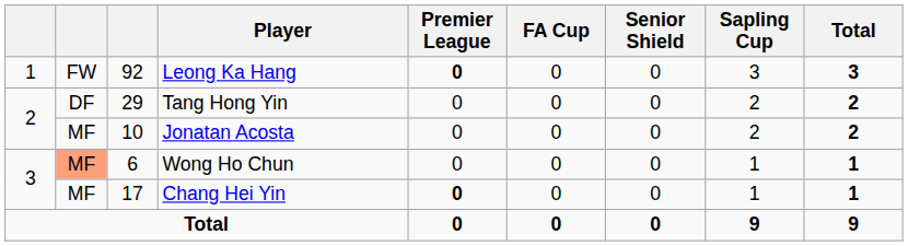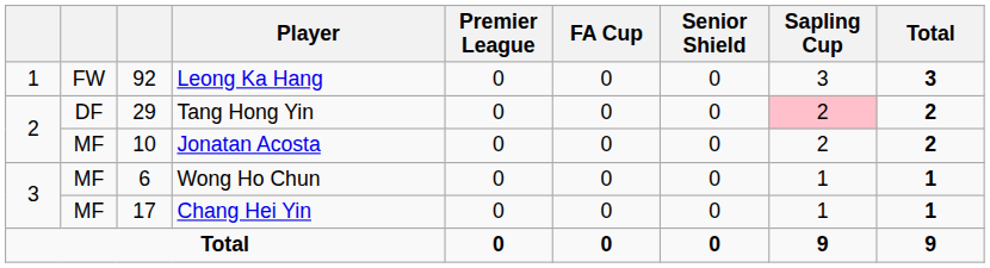 <table class="wikitable" style="text-align:center">
 <tr>
 <th style="width:35px;"></th>
 <th style="width:35px;"></th>
 <th style="width:35px;"></th>
 <th style="width:200px;">Player</th>
 <th style="width:75px;">Premier League</th>
 <th style="width:75px;">FA Cup</th>
 <th style="width:75px;">Senior Shield</th>
 <th style="width:75px;">Sapling Cup</th>
 <th style="width:75px;"><strong>Total</strong></th>
 </tr>
 <tr>
 <td rowspan="1">1</td>
 <td>FW</td>
 <td>92</td>
 <td align="left"> <a href='#'>Leong Ka Hang</a></td>
-<td><strong>0</strong></td>
+<td>0</td>
 <td>0</td>
 <td>0</td>
 <td>3</td>
 <td><strong>3</strong></td>
 </tr>
 <tr>
 <td rowspan="2">2</td>
 <td>DF</td>
 <td>29</td>
 <td align="left"> Tang Hong Yin</td>
 <td>0</td>
 <td>0</td>
 <td>0</td>
-<td>2</td>
+<td style="background: pink;">2</td>
 <td><strong>2</strong></td>
 </tr>
 <tr>
 <td>MF</td>
 <td>10</td>
 <td align="left"> <a href='#'>Jonatan Acosta</a></td>
 <td>0</td>
 <td>0</td>
 <td>0</td>
 <td>2</td>
 <td><strong>2</strong></td>
 </tr>
 <tr>
 <td rowspan="2">3</td>
-<td style="background: lightsalmon;">MF</td>
+<td>MF</td>
 <td>6</td>
 <td align="left"> Wong Ho Chun</td>
 <td>0</td>
 <td>0</td>
 <td>0</td>
 <td>1</td>
 <td><strong>1</strong></td>
 </tr>
 <tr>
 <td>MF</td>
 <td>17</td>
 <td align="left"> <a href='#'>Chang Hei Yin</a></td>
-<td><strong>0</strong></td>
+<td>0</td>
 <td>0</td>
 <td>0</td>
 <td>1</td>
 <td><strong>1</strong></td>
 </tr>
 <tr>
 <td colspan="4"><strong>Total</strong></td>
 <td><strong>0</strong></td>
 <td><strong>0</strong></td>
 <td><strong>0</strong></td>
 <td><strong>9</strong></td>
 <td><strong>9</strong></td>
 </tr>
 </table>
